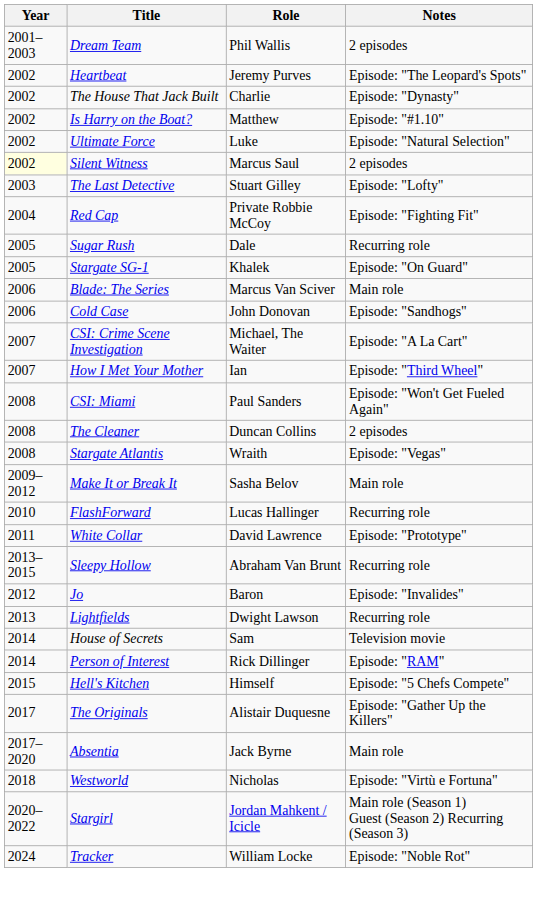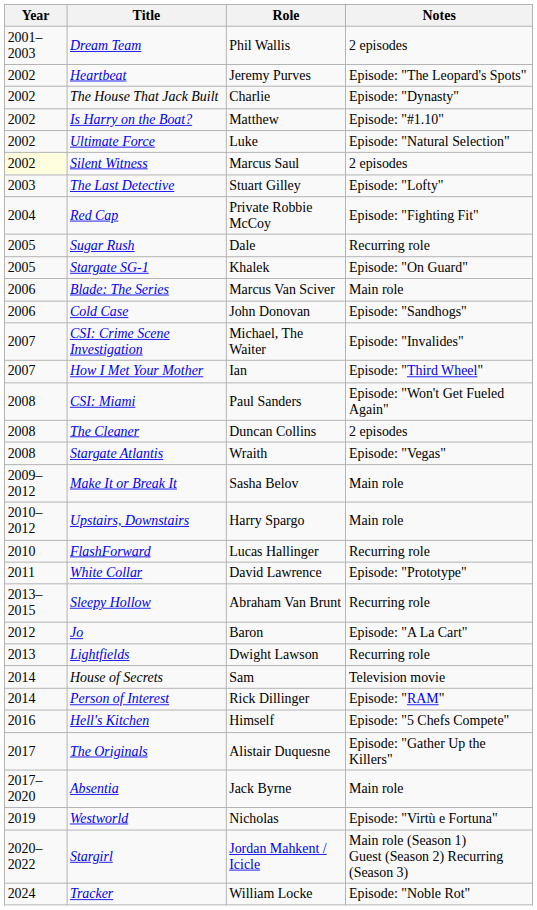 <table class="wikitable sortable">
 <tr>
 <th>Year</th>
 <th>Title</th>
 <th>Role</th>
 <th>Notes</th>
 </tr>
 <tr>
 <td>2001–2003</td>
 <td><em><a href='#'>Dream Team</a></em></td>
 <td>Phil Wallis</td>
 <td>2 episodes</td>
 </tr>
 <tr>
 <td>2002</td>
 <td><em><a href='#'>Heartbeat</a></em></td>
 <td>Jeremy Purves</td>
 <td>Episode: "The Leopard's Spots"</td>
 </tr>
 <tr>
 <td>2002</td>
 <td><em>The House That Jack Built</em></td>
 <td>Charlie</td>
 <td>Episode: "Dynasty"</td>
 </tr>
 <tr>
 <td>2002</td>
 <td><em><a href='#'>Is Harry on the Boat?</a></em></td>
 <td>Matthew</td>
 <td>Episode: "#1.10"</td>
 </tr>
 <tr>
 <td>2002</td>
 <td><em><a href='#'>Ultimate Force</a></em></td>
 <td>Luke</td>
 <td>Episode: "Natural Selection"</td>
 </tr>
 <tr>
 <td style="background: lightyellow;">2002</td>
 <td><em><a href='#'>Silent Witness</a></em></td>
 <td>Marcus Saul</td>
 <td>2 episodes</td>
 </tr>
 <tr>
 <td>2003</td>
 <td><em><a href='#'>The Last Detective</a></em></td>
 <td>Stuart Gilley</td>
 <td>Episode: "Lofty"</td>
 </tr>
 <tr>
 <td>2004</td>
 <td><em><a href='#'>Red Cap</a></em></td>
 <td>Private Robbie McCoy</td>
 <td>Episode: "Fighting Fit"</td>
 </tr>
 <tr>
 <td>2005</td>
 <td><em><a href='#'>Sugar Rush</a></em></td>
 <td>Dale</td>
 <td>Recurring role</td>
 </tr>
 <tr>
 <td>2005</td>
 <td><em><a href='#'>Stargate SG-1</a></em></td>
 <td>Khalek</td>
 <td>Episode: "On Guard"</td>
 </tr>
 <tr>
 <td>2006</td>
 <td><em><a href='#'>Blade: The Series</a></em></td>
 <td>Marcus Van Sciver</td>
 <td>Main role</td>
 </tr>
 <tr>
 <td>2006</td>
 <td><em><a href='#'>Cold Case</a></em></td>
 <td>John Donovan</td>
 <td>Episode: "Sandhogs"</td>
 </tr>
 <tr>
 <td>2007</td>
 <td><em><a href='#'>CSI: Crime Scene Investigation</a></em></td>
 <td>Michael, The Waiter</td>
-<td>Episode: "A La Cart"</td>
+<td>Episode: "Invalides"</td>
 </tr>
 <tr>
 <td>2007</td>
 <td><em><a href='#'>How I Met Your Mother</a></em></td>
 <td>Ian</td>
 <td>Episode: "<a href='#'>Third Wheel</a>"</td>
 </tr>
 <tr>
 <td>2008</td>
 <td><em><a href='#'>CSI: Miami</a></em></td>
 <td>Paul Sanders</td>
 <td>Episode: "Won't Get Fueled Again"</td>
 </tr>
 <tr>
 <td>2008</td>
 <td><em><a href='#'>The Cleaner</a></em></td>
 <td>Duncan Collins</td>
 <td>2 episodes</td>
 </tr>
 <tr>
 <td>2008</td>
 <td><em><a href='#'>Stargate Atlantis</a></em></td>
 <td>Wraith</td>
 <td>Episode: "Vegas"</td>
 </tr>
 <tr>
 <td>2009–2012</td>
 <td><em><a href='#'>Make It or Break It</a></em></td>
 <td>Sasha Belov</td>
 <td>Main role</td>
 </tr>
 <tr>
+<td>2010–2012</td>
+<td><em><a href='#'>Upstairs, Downstairs</a></em></td>
+<td>Harry Spargo</td>
+<td>Main role</td>
+</tr>
+<tr>
 <td>2010</td>
 <td><em><a href='#'>FlashForward</a></em></td>
 <td>Lucas Hallinger</td>
 <td>Recurring role</td>
 </tr>
 <tr>
 <td>2011</td>
 <td><em><a href='#'>White Collar</a></em></td>
 <td>David Lawrence</td>
 <td>Episode: "Prototype"</td>
 </tr>
 <tr>
 <td>2013–2015</td>
 <td><em><a href='#'>Sleepy Hollow</a></em></td>
 <td>Abraham Van Brunt</td>
 <td>Recurring role</td>
 </tr>
 <tr>
 <td>2012</td>
 <td><em><a href='#'>Jo</a></em></td>
 <td>Baron</td>
-<td>Episode: "Invalides"</td>
+<td>Episode: "A La Cart"</td>
 </tr>
 <tr>
 <td>2013</td>
 <td><em><a href='#'>Lightfields</a></em></td>
 <td>Dwight Lawson</td>
 <td>Recurring role</td>
 </tr>
 <tr>
 <td>2014</td>
 <td><em>House of Secrets</em></td>
 <td>Sam</td>
 <td>Television movie</td>
 </tr>
 <tr>
 <td>2014</td>
 <td><em><a href='#'>Person of Interest</a></em></td>
 <td>Rick Dillinger</td>
 <td>Episode: "<a href='#'>RAM</a>"</td>
 </tr>
 <tr>
-<td>2015</td>
+<td>2016</td>
 <td><em><a href='#'>Hell's Kitchen</a></em></td>
 <td>Himself</td>
 <td>Episode: "5 Chefs Compete"</td>
 </tr>
 <tr>
 <td>2017</td>
 <td><em><a href='#'>The Originals</a></em></td>
 <td>Alistair Duquesne</td>
 <td>Episode: "Gather Up the Killers"</td>
 </tr>
 <tr>
 <td>2017–2020</td>
 <td><em><a href='#'>Absentia</a></em></td>
 <td>Jack Byrne</td>
 <td>Main role</td>
 </tr>
 <tr>
-<td>2018</td>
+<td>2019</td>
 <td><em><a href='#'>Westworld</a></em></td>
 <td>Nicholas</td>
 <td>Episode: "Virtù e Fortuna"</td>
 </tr>
 <tr>
 <td>2020–2022</td>
 <td><em><a href='#'>Stargirl</a></em></td>
 <td><a href='#'>Jordan Mahkent / Icicle</a></td>
 <td>Main role (Season 1)<br>Guest  (Season 2) Recurring (Season 3)</td>
 </tr>
 <tr>
 <td>2024</td>
 <td><em><a href='#'>Tracker</a></em></td>
 <td>William Locke</td>
 <td>Episode: "Noble Rot"</td>
 </tr>
 </table>
